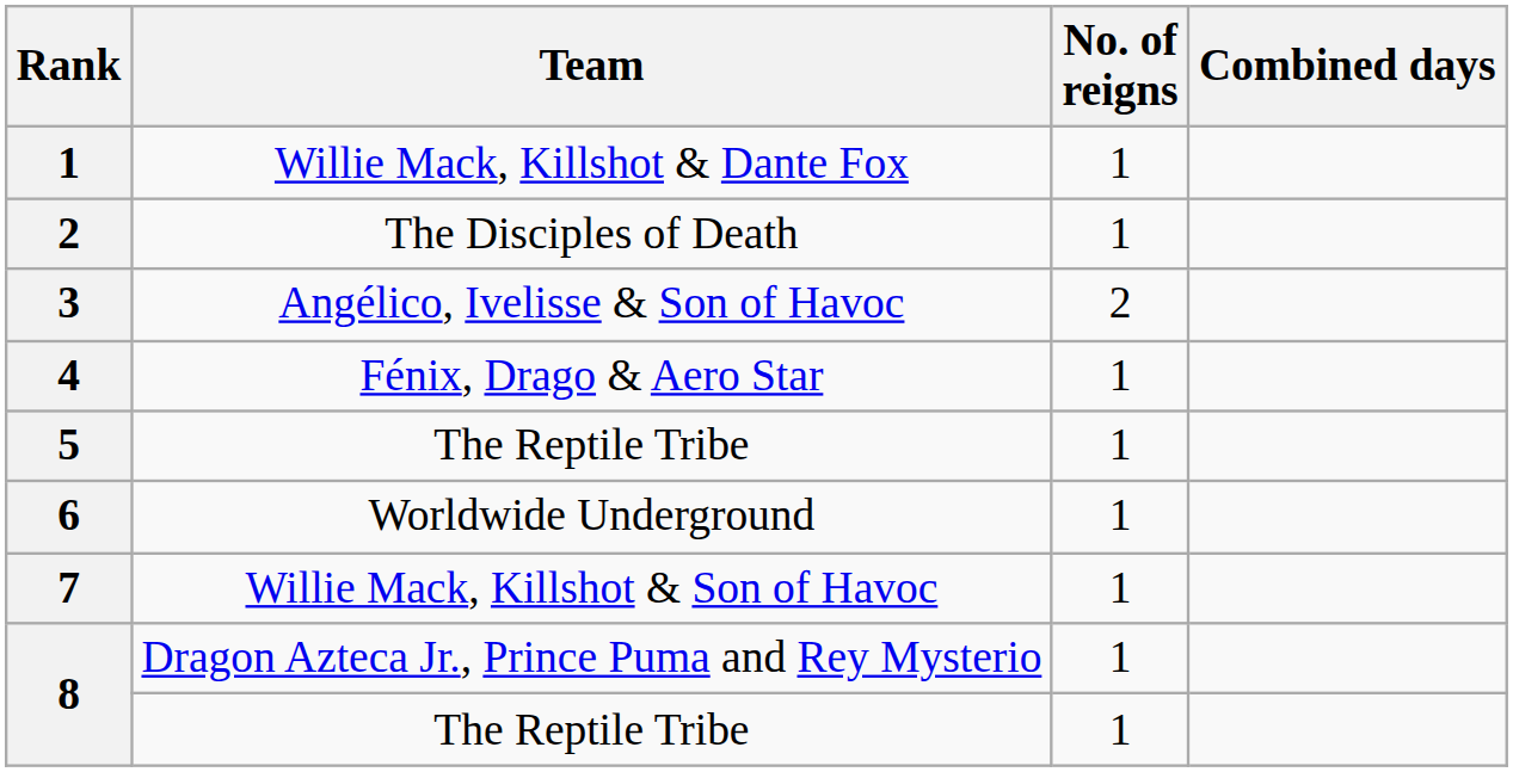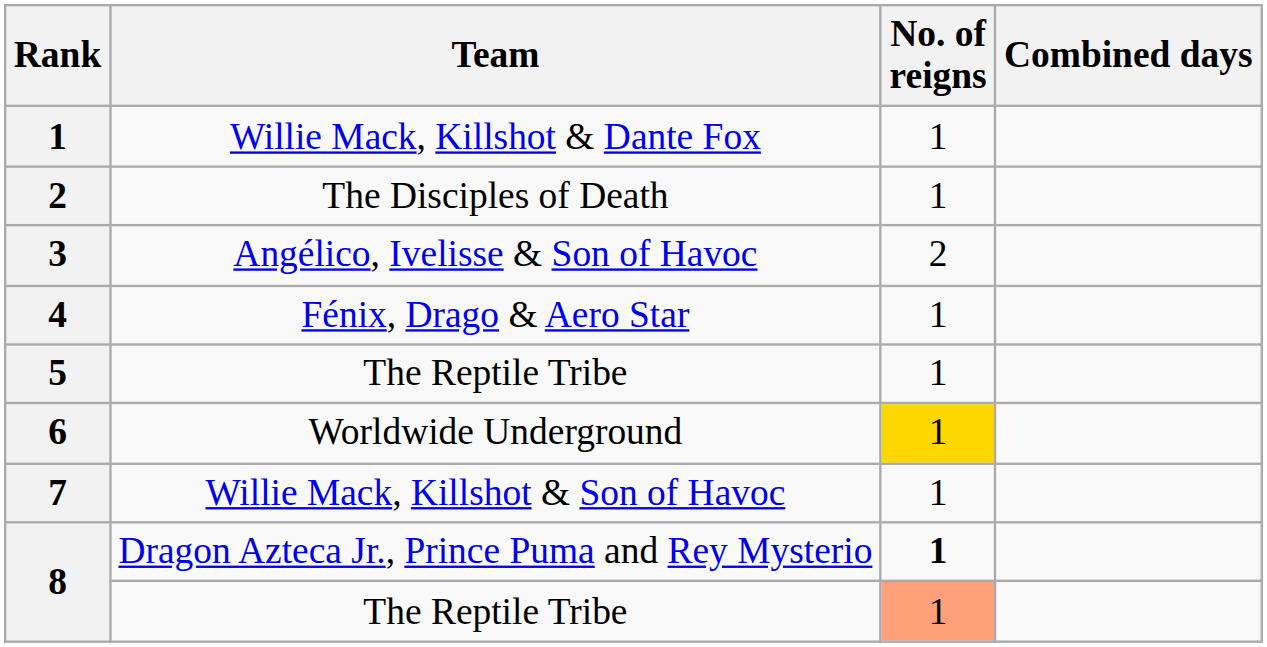 <table class="wikitable sortable" style="text-align: center">
 <tr>
 <th>Rank</th>
 <th>Team</th>
 <th>No. of<br>reigns</th>
 <th>Combined days</th>
 </tr>
 <tr>
 <th>1</th>
 <td><a href='#'>Willie Mack</a>, <a href='#'>Killshot</a> & <a href='#'>Dante Fox</a></td>
 <td>1</td>
 <td></td>
 </tr>
 <tr>
 <th>2</th>
 <td>The Disciples of Death<br></td>
 <td>1</td>
 <td></td>
 </tr>
 <tr>
 <th>3</th>
 <td><a href='#'>Angélico</a>, <a href='#'>Ivelisse</a> & <a href='#'>Son of Havoc</a></td>
 <td>2</td>
 <td></td>
 </tr>
 <tr>
 <th>4</th>
 <td><a href='#'>Fénix</a>, <a href='#'>Drago</a> & <a href='#'>Aero Star</a></td>
 <td>1</td>
 <td></td>
 </tr>
 <tr>
 <th>5</th>
 <td>The Reptile Tribe<br></td>
 <td>1</td>
 <td></td>
 </tr>
 <tr>
 <th>6</th>
 <td>Worldwide Underground<br></td>
-<td>1</td>
+<td style="background: gold;">1</td>
 <td></td>
 </tr>
 <tr>
 <th>7</th>
 <td><a href='#'>Willie Mack</a>, <a href='#'>Killshot</a> & <a href='#'>Son of Havoc</a></td>
 <td>1</td>
 <td></td>
 </tr>
 <tr>
 <th rowspan=2>8</th>
 <td><a href='#'>Dragon Azteca Jr.</a>, <a href='#'>Prince Puma</a> and <a href='#'>Rey Mysterio</a></td>
-<td>1</td>
+<td><strong>1</strong></td>
 <td></td>
 </tr>
 <tr>
 <td>The Reptile Tribe  <br></td>
-<td>1</td>
+<td style="background: lightsalmon;">1</td>
 <td></td>
 </tr>
 </table>
